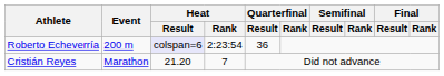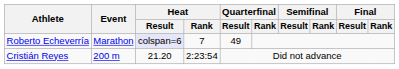 <table class=wikitable style="font-size:90%">
 <tr>
 <th rowspan="2">Athlete</th>
 <th rowspan="2">Event</th>
 <th colspan="2">Heat</th>
 <th colspan="2">Quarterfinal</th>
 <th colspan="2">Semifinal</th>
 <th colspan="2">Final</th>
 </tr>
 <tr style="font-size:95%">
 <th>Result</th>
 <th>Rank</th>
 <th>Result</th>
 <th>Rank</th>
 <th>Result</th>
 <th>Rank</th>
 <th>Result</th>
 <th>Rank</th>
 </tr>
 <tr align=center>
 <td align=left><a href='#'>Roberto Echeverría</a></td>
-<td align=left><a href='#'>200 m</a></td>
+<td align=left><a href='#'>Marathon</a></td>
 <td style="background: lavender;">colspan=6 </td>
-<td>2:23:54</td>
-<td>36</td>
+<td>7</td>
+<td>49</td>
 </tr>
 <tr align=center>
 <td align=left><a href='#'>Cristián Reyes</a></td>
-<td align=left><a href='#'>Marathon</a></td>
+<td align=left><a href='#'>200 m</a></td>
 <td>21.20</td>
-<td>7</td>
+<td>2:23:54</td>
 <td colspan=6>Did not advance</td>
 </tr>
 </table>
